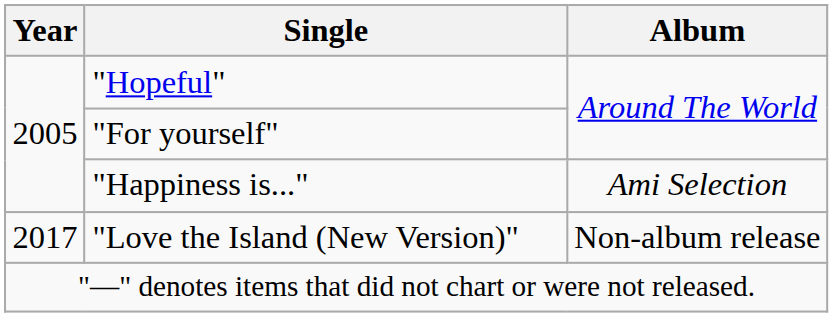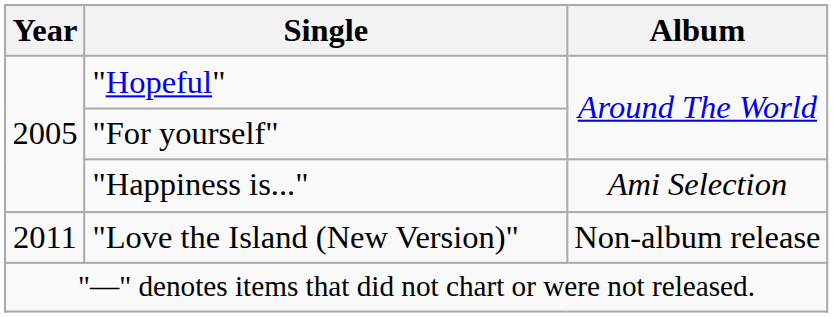 <table class="wikitable" style="text-align:center;">
 <tr>
 <th>Year</th>
 <th style="width:230px;">Single</th>
 <th>Album</th>
 </tr>
 <tr>
 <td rowspan="3">2005</td>
 <td align="left">"<a href='#'>Hopeful</a>"</td>
 <td rowspan="2"><em><a href='#'>Around The World</a></em></td>
 </tr>
 <tr>
 <td align="left">"For yourself"</td>
 </tr>
 <tr>
 <td align="left">"Happiness is..."</td>
 <td><em>Ami Selection</em></td>
 </tr>
 <tr>
-<td>2017</td>
+<td>2011</td>
 <td align="left">"Love the Island (New Version)"</td>
 <td>Non-album release</td>
 </tr>
 <tr>
 <td colspan="13" style="text-align:center; font-size:90%;">"—" denotes items that did not chart or were not released.</td>
 </tr>
 </table>
